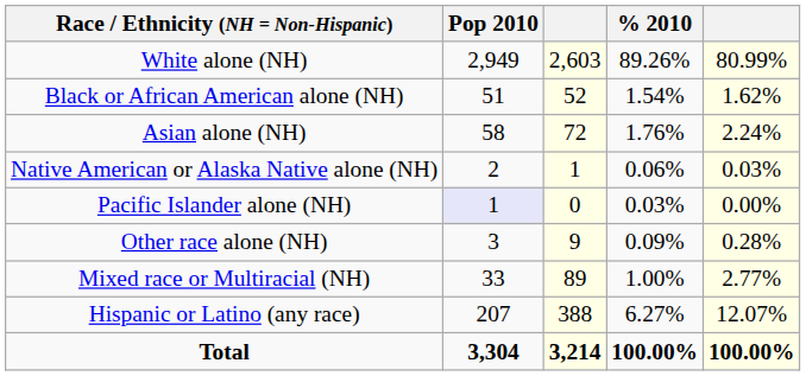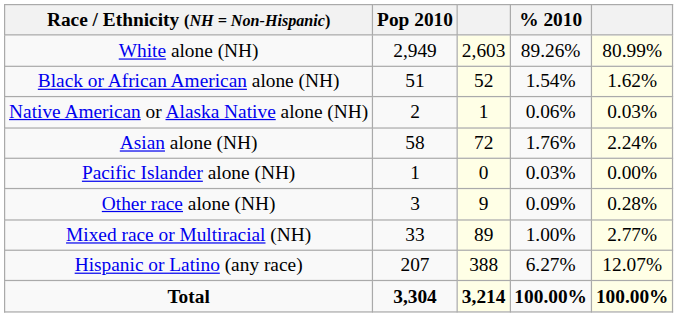 <table class="wikitable" style="text-align:center;">
 <tr>
 <th>Race / Ethnicity <small>(<em>NH = Non-Hispanic</em>)</small></th>
 <th>Pop 2010</th>
 <th></th>
 <th>% 2010</th>
 <th></th>
 </tr>
 <tr>
 <td><a href='#'>White</a> alone (NH)</td>
 <td>2,949</td>
 <td style='background: #ffffe6;'>2,603</td>
 <td>89.26%</td>
 <td style='background: #ffffe6;'>80.99%</td>
 </tr>
 <tr>
 <td><a href='#'>Black or African American</a> alone (NH)</td>
 <td>51</td>
 <td style='background: #ffffe6;'>52</td>
 <td>1.54%</td>
 <td style='background: #ffffe6;'>1.62%</td>
 </tr>
 <tr>
+<td><a href='#'>Native American</a> or <a href='#'>Alaska Native</a> alone (NH)</td>
+<td>2</td>
+<td style='background: #ffffe6;'>1</td>
+<td>0.06%</td>
+<td style='background: #ffffe6;'>0.03%</td>
+</tr>
+<tr>
 <td><a href='#'>Asian</a> alone (NH)</td>
 <td>58</td>
 <td style='background: #ffffe6;'>72</td>
 <td>1.76%</td>
 <td style='background: #ffffe6;'>2.24%</td>
 </tr>
 <tr>
-<td><a href='#'>Native American</a> or <a href='#'>Alaska Native</a> alone (NH)</td>
-<td>2</td>
-<td style='background: #ffffe6;'>1</td>
-<td>0.06%</td>
-<td style='background: #ffffe6;'>0.03%</td>
-</tr>
-<tr>
 <td><a href='#'>Pacific Islander</a> alone (NH)</td>
-<td style="background: lavender;">1</td>
+<td>1</td>
 <td style='background: #ffffe6;'>0</td>
 <td>0.03%</td>
 <td style='background: #ffffe6;'>0.00%</td>
 </tr>
 <tr>
 <td><a href='#'>Other race</a> alone (NH)</td>
 <td>3</td>
 <td style='background: #ffffe6;'>9</td>
 <td>0.09%</td>
 <td style='background: #ffffe6;'>0.28%</td>
 </tr>
 <tr>
 <td><a href='#'>Mixed race or Multiracial</a> (NH)</td>
 <td>33</td>
 <td style='background: #ffffe6;'>89</td>
 <td>1.00%</td>
 <td style='background: #ffffe6;'>2.77%</td>
 </tr>
 <tr>
 <td><a href='#'>Hispanic or Latino</a> (any race)</td>
 <td>207</td>
 <td style='background: #ffffe6;'>388</td>
 <td>6.27%</td>
 <td style='background: #ffffe6;'>12.07%</td>
 </tr>
 <tr>
 <td><strong>Total</strong></td>
 <td><strong>3,304</strong></td>
 <td style='background: #ffffe6;'><strong>3,214</strong></td>
 <td><strong>100.00%</strong></td>
 <td style='background: #ffffe6;'><strong>100.00%</strong></td>
 </tr>
 </table>
